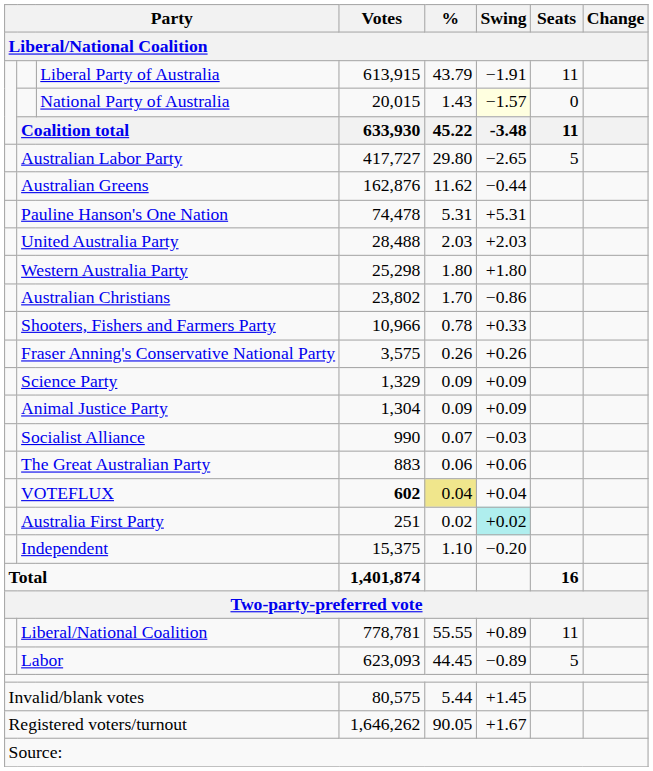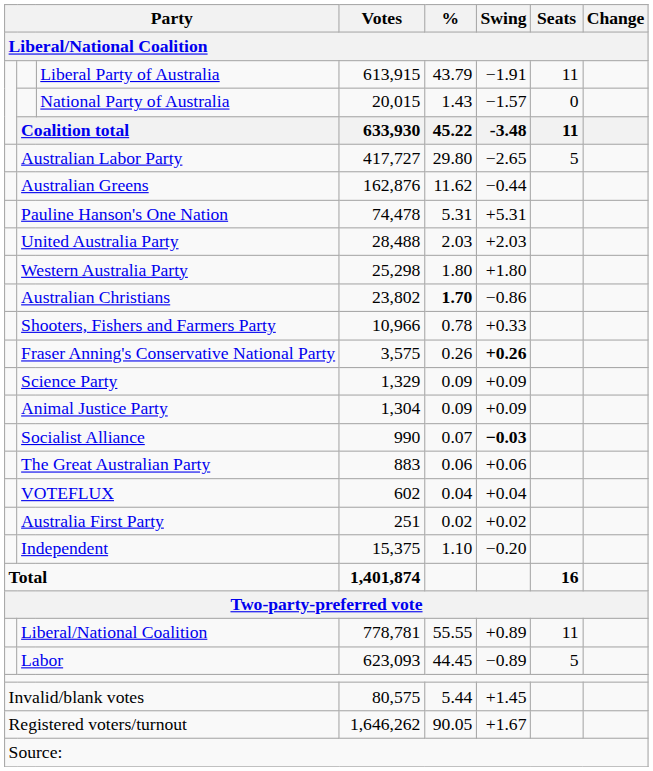 <table class="wikitable">
 <tr>
 <th colspan="3" style="width:200px">Party</th>
 <th style="width:70px; text-align:center;">Votes</th>
 <th style="width:40px; text-align:center;">%</th>
 <th style="width:40px; text-align:center;">Swing</th>
 <th style="width:40px; text-align:center;">Seats</th>
 <th style="width:40px; text-align:center;">Change</th>
 </tr>
 <tr>
 <th colspan="8" style="text-align:left;"><a href='#'>Liberal/National Coalition</a></th>
 </tr>
 <tr>
 <td rowspan="3"> </td>
 <td> </td>
 <td><a href='#'>Liberal Party of Australia</a></td>
 <td align=right>613,915</td>
 <td align=right>43.79</td>
 <td align=right>−1.91</td>
 <td align=right>11</td>
 <td align=right></td>
 </tr>
 <tr>
 <td> </td>
 <td><a href='#'>National Party of Australia</a></td>
 <td align="right">20,015</td>
 <td align="right">1.43</td>
-<td align="right" style="background: lightyellow;">−1.57</td>
+<td align="right">−1.57</td>
 <td align="right">0</td>
 <td align="right"></td>
 </tr>
 <tr>
 <th colspan="2" style="text-align:left;"><a href='#'>Coalition total</a></th>
 <th style="text-align:right;">633,930</th>
 <th style="text-align:right;">45.22</th>
 <th style="text-align:right;">-3.48</th>
 <th style="text-align:right;">11</th>
 <th style="text-align:right;"></th>
 </tr>
 <tr>
 <td> </td>
 <td colspan="2"><a href='#'>Australian Labor Party</a></td>
 <td align="right">417,727</td>
 <td align="right">29.80</td>
 <td align="right">−2.65</td>
 <td align="right">5</td>
 <td align="right"></td>
 </tr>
 <tr>
 <td> </td>
 <td colspan="2"><a href='#'>Australian Greens</a></td>
 <td align="right">162,876</td>
 <td align="right">11.62</td>
 <td align="right">−0.44</td>
 <td align="right"></td>
 <td align="right"></td>
 </tr>
 <tr>
 <td> </td>
 <td colspan="2"><a href='#'>Pauline Hanson's One Nation</a></td>
 <td align="right">74,478</td>
 <td align="right">5.31</td>
 <td align="right">+5.31</td>
 <td align="right"></td>
 <td align="right"></td>
 </tr>
 <tr>
 <td> </td>
 <td colspan="2"><a href='#'>United Australia Party</a></td>
 <td align="right">28,488</td>
 <td align="right">2.03</td>
 <td align="right">+2.03</td>
 <td align="right"></td>
 <td align="right"></td>
 </tr>
 <tr>
 <td> </td>
 <td colspan="2"><a href='#'>Western Australia Party</a></td>
 <td align="right">25,298</td>
 <td align="right">1.80</td>
 <td align="right">+1.80</td>
 <td align="right"></td>
 <td align="right"></td>
 </tr>
 <tr>
 <td> </td>
 <td colspan="2"><a href='#'>Australian Christians</a></td>
 <td align="right">23,802</td>
-<td align="right">1.70</td>
+<td align="right"><strong>1.70</strong></td>
 <td align="right">−0.86</td>
 <td align="right"></td>
 <td align="right"></td>
 </tr>
 <tr>
 <td> </td>
 <td colspan="2"><a href='#'>Shooters, Fishers and Farmers Party</a></td>
 <td align="right">10,966</td>
 <td align="right">0.78</td>
 <td align="right">+0.33</td>
 <td align="right"></td>
 <td align="right"></td>
 </tr>
 <tr>
 <td> </td>
 <td colspan="2"><a href='#'>Fraser Anning's Conservative National Party</a></td>
 <td align="right">3,575</td>
 <td align="right">0.26</td>
-<td align="right">+0.26</td>
+<td align="right"><strong>+0.26</strong></td>
 <td align="right"></td>
 <td align="right"></td>
 </tr>
 <tr>
 <td> </td>
 <td colspan="2"><a href='#'>Science Party</a></td>
 <td align="right">1,329</td>
 <td align="right">0.09</td>
 <td align="right">+0.09</td>
 <td align="right"></td>
 <td align="right"></td>
 </tr>
 <tr>
 <td> </td>
 <td colspan="2"><a href='#'>Animal Justice Party</a></td>
 <td align="right">1,304</td>
 <td align="right">0.09</td>
 <td align="right">+0.09</td>
 <td align="right"></td>
 <td align="right"></td>
 </tr>
 <tr>
 <td> </td>
 <td colspan="2"><a href='#'>Socialist Alliance</a></td>
 <td align="right">990</td>
 <td align="right">0.07</td>
-<td align="right">−0.03</td>
+<td align="right"><strong>−0.03</strong></td>
 <td align="right"></td>
 <td align="right"></td>
 </tr>
 <tr>
 <td> </td>
 <td colspan="2"><a href='#'>The Great Australian Party</a></td>
 <td align="right">883</td>
 <td align="right">0.06</td>
 <td align="right">+0.06</td>
 <td align="right"></td>
 <td align="right"></td>
 </tr>
 <tr>
 <td> </td>
 <td colspan="2"><a href='#'>VOTEFLUX</a></td>
-<td align="right"><strong>602</strong></td>
-<td align="right" style="background: khaki;">0.04</td>
+<td align="right">602</td>
+<td align="right">0.04</td>
 <td align="right">+0.04</td>
 <td align="right"></td>
 <td align="right"></td>
 </tr>
 <tr>
 <td> </td>
 <td colspan="2"><a href='#'>Australia First Party</a></td>
 <td align="right">251</td>
 <td align="right">0.02</td>
-<td align="right" style="background: paleturquoise;">+0.02</td>
+<td align="right">+0.02</td>
 <td align="right"></td>
 <td align="right"></td>
 </tr>
 <tr>
 <td> </td>
 <td colspan="2"><a href='#'>Independent</a></td>
 <td align="right">15,375</td>
 <td align="right">1.10</td>
 <td align="right">−0.20</td>
 <td align="right"></td>
 <td align="right"></td>
 </tr>
 <tr>
 <td colspan="3" align="left"><strong>Total</strong></td>
 <td align="right"><strong>1,401,874</strong></td>
 <td align="right"></td>
 <td align="right"></td>
 <td align="right"><strong>16</strong></td>
 <td align="right"></td>
 </tr>
 <tr>
 <th colspan="8"><a href='#'>Two-party-preferred vote</a></th>
 </tr>
 <tr>
 <td> </td>
 <td colspan="2" style="text-align:left;"><a href='#'>Liberal/National Coalition</a></td>
 <td align="right">778,781</td>
 <td align="right">55.55</td>
 <td align="right">+0.89</td>
 <td align="right">11</td>
 <td align="right"></td>
 </tr>
 <tr>
 <td> </td>
 <td colspan="2" style="text-align:left;"><a href='#'>Labor</a></td>
 <td align="right">623,093</td>
 <td align="right">44.45</td>
 <td align="right">−0.89</td>
 <td align="right">5</td>
 <td align="right"></td>
 </tr>
 <tr>
 <td colspan="8"></td>
 </tr>
 <tr>
 <td colspan="3" align="left">Invalid/blank votes</td>
 <td align="right">80,575</td>
 <td align="right">5.44</td>
 <td align="right">+1.45</td>
 <td></td>
 <td></td>
 </tr>
 <tr>
 <td colspan="3" align="left">Registered voters/turnout</td>
 <td align="right">1,646,262</td>
 <td align="right">90.05</td>
 <td align="right">+1.67</td>
 <td></td>
 <td></td>
 </tr>
 <tr>
 <td colspan="8" align="left">Source: </td>
 </tr>
 </table>
